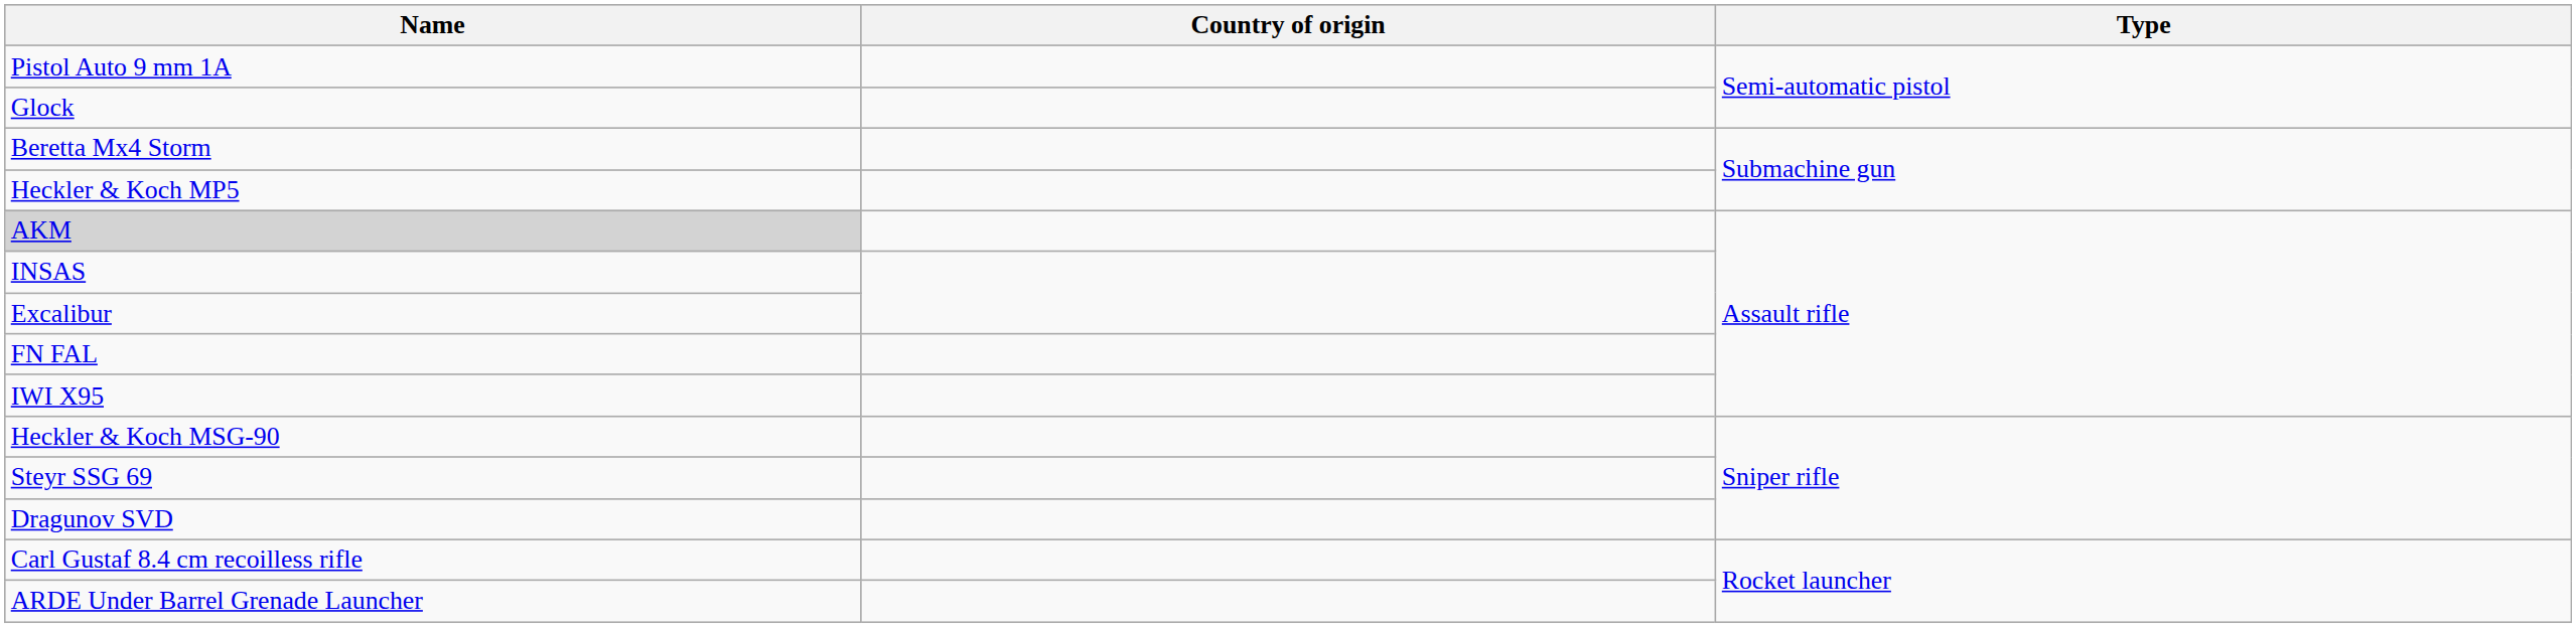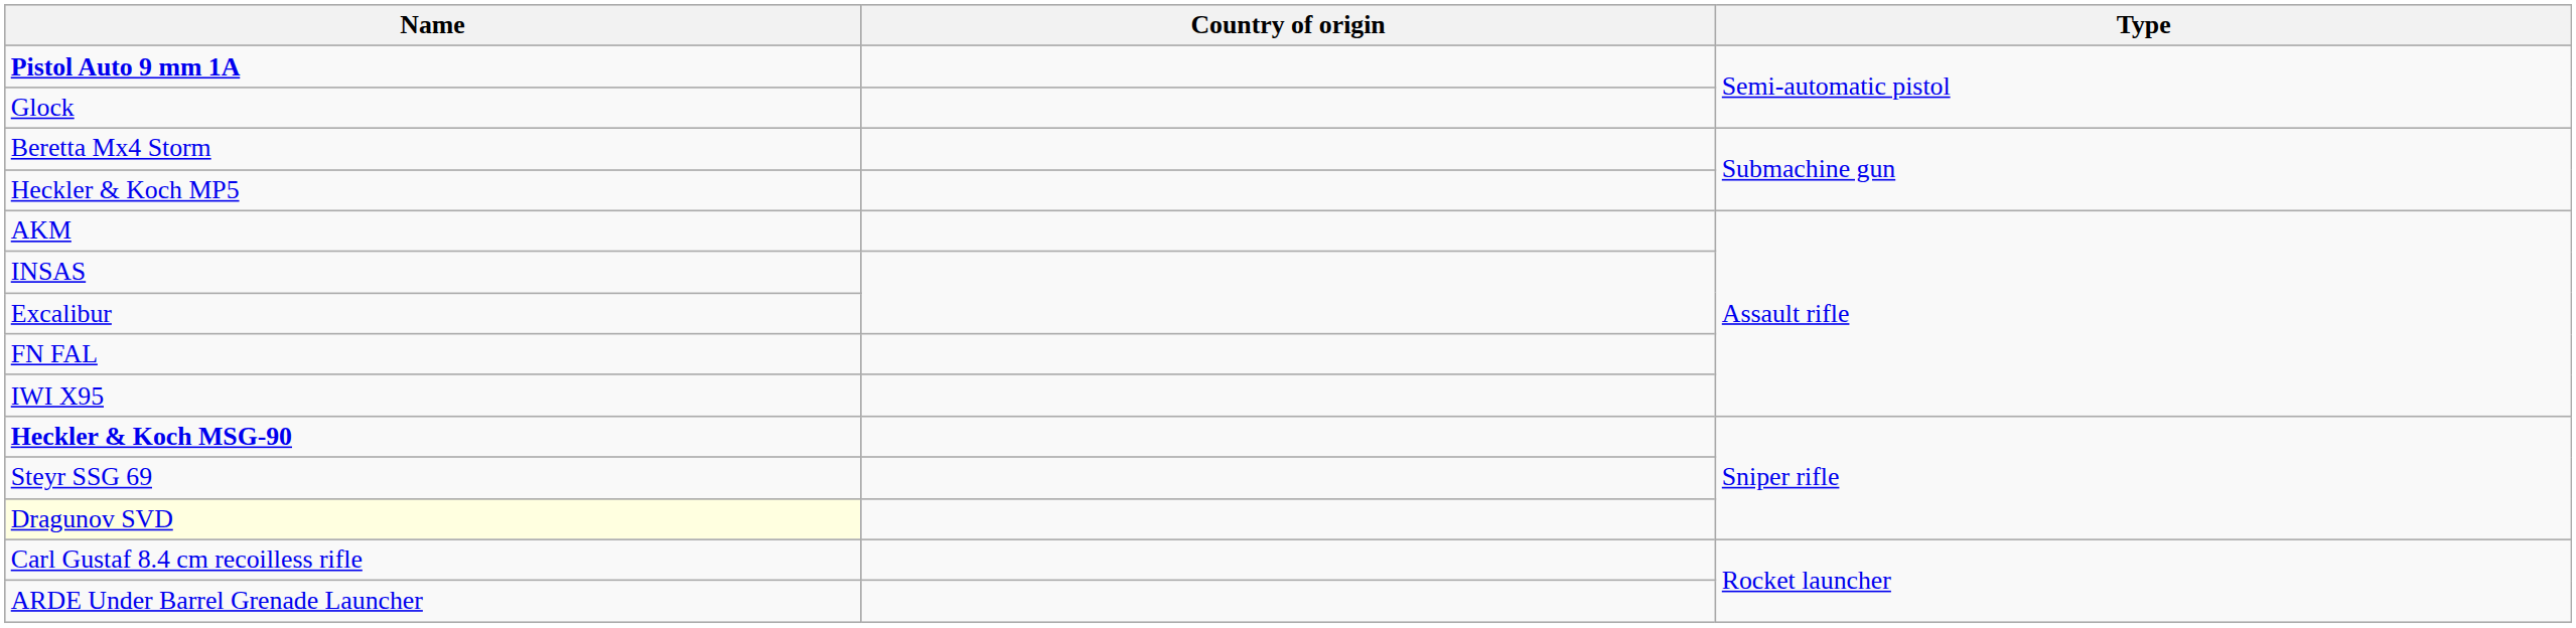 <table class="wikitable" border="0" width="100%">
 <tr>
 <th width="25%">Name</th>
 <th width="25%">Country of origin</th>
 <th width="25%">Type</th>
 </tr>
 <tr>
-<td><a href='#'>Pistol Auto 9 mm 1A</a></td>
+<td><strong><a href='#'>Pistol Auto 9 mm 1A</a></strong></td>
 <td></td>
 <td rowspan="2"><a href='#'>Semi-automatic pistol</a></td>
 </tr>
 <tr>
 <td><a href='#'>Glock</a></td>
 <td></td>
 </tr>
 <tr>
 <td><a href='#'>Beretta Mx4 Storm</a></td>
 <td></td>
 <td rowspan="2"><a href='#'>Submachine gun</a></td>
 </tr>
 <tr>
 <td><a href='#'>Heckler & Koch MP5</a></td>
 <td></td>
 </tr>
 <tr>
-<td style="background: lightgrey;"><a href='#'>AKM</a></td>
+<td><a href='#'>AKM</a></td>
 <td></td>
 <td rowspan="5"><a href='#'>Assault rifle</a></td>
 </tr>
 <tr>
 <td><a href='#'>INSAS</a></td>
 <td rowspan="2"></td>
 </tr>
 <tr>
 <td><a href='#'>Excalibur</a></td>
 </tr>
 <tr>
 <td><a href='#'>FN FAL</a></td>
 <td></td>
 </tr>
 <tr>
 <td><a href='#'>IWI X95</a></td>
 <td></td>
 </tr>
 <tr>
-<td><a href='#'>Heckler & Koch MSG-90</a></td>
+<td><strong><a href='#'>Heckler & Koch MSG-90</a></strong></td>
 <td></td>
 <td rowspan="3"><a href='#'>Sniper rifle</a></td>
 </tr>
 <tr>
 <td><a href='#'>Steyr SSG 69</a></td>
 <td></td>
 </tr>
 <tr>
-<td><a href='#'>Dragunov SVD</a></td>
+<td style="background: lightyellow;"><a href='#'>Dragunov SVD</a></td>
 <td></td>
 </tr>
 <tr>
 <td><a href='#'>Carl Gustaf 8.4 cm recoilless rifle</a></td>
 <td></td>
 <td rowspan="2"><a href='#'>Rocket launcher</a></td>
 </tr>
 <tr>
 <td><a href='#'>ARDE Under Barrel Grenade Launcher</a></td>
 <td></td>
 </tr>
 </table>
